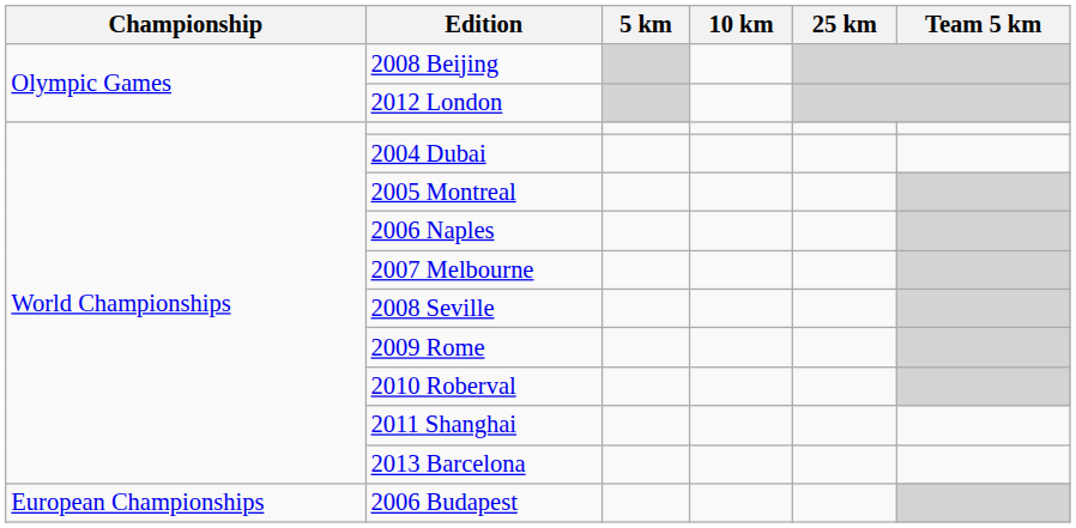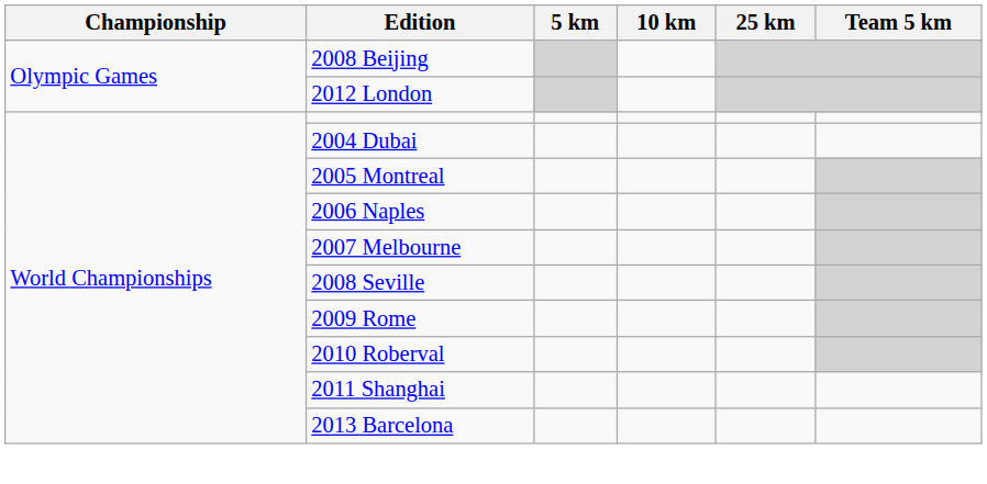 <table class="wikitable" width=55% style="font-size:100%; text-align:center;">
 <tr>
 <th>Championship</th>
 <th>Edition</th>
 <th class="unsortable">5 km</th>
 <th class="unsortable">10 km</th>
 <th class="unsortable">25 km</th>
 <th class="unsortable">Team 5 km</th>
 </tr>
 <tr>
 <td rowspan=2 align=left><a href='#'>Olympic Games</a></td>
 <td align=left> <a href='#'>2008 Beijing</a></td>
 <td bgcolor=lightgrey></td>
 <td></td>
 <td colspan=2 bgcolor=lightgrey></td>
 </tr>
 <tr>
 <td align=left> <a href='#'>2012 London</a></td>
 <td bgcolor=lightgrey></td>
 <td></td>
 <td colspan=2 bgcolor=lightgrey></td>
 </tr>
 <tr>
 <td rowspan=10 align=left><a href='#'>World Championships</a></td>
 <td align=left> </td>
 <td></td>
 <td></td>
 <td></td>
 <td></td>
 </tr>
 <tr>
 <td align=left> <a href='#'>2004 Dubai</a></td>
 <td></td>
 <td></td>
 <td></td>
 <td></td>
 </tr>
 <tr>
 <td align=left> <a href='#'>2005 Montreal</a></td>
 <td></td>
 <td></td>
 <td></td>
 <td bgcolor=lightgrey></td>
 </tr>
 <tr>
 <td align=left> <a href='#'>2006 Naples</a></td>
 <td></td>
 <td></td>
 <td></td>
 <td bgcolor=lightgrey></td>
 </tr>
 <tr>
 <td align=left> <a href='#'>2007 Melbourne</a></td>
 <td></td>
 <td></td>
 <td></td>
 <td bgcolor=lightgrey></td>
 </tr>
 <tr>
 <td align=left> <a href='#'>2008 Seville</a></td>
 <td></td>
 <td></td>
 <td></td>
 <td bgcolor=lightgrey></td>
 </tr>
 <tr>
 <td align=left> <a href='#'>2009 Rome</a></td>
 <td></td>
 <td></td>
 <td></td>
 <td bgcolor=lightgrey></td>
 </tr>
 <tr>
 <td align=left> <a href='#'>2010 Roberval</a></td>
 <td></td>
 <td></td>
 <td></td>
 <td bgcolor=lightgrey></td>
 </tr>
 <tr>
 <td align=left> <a href='#'>2011 Shanghai</a></td>
 <td></td>
 <td></td>
 <td></td>
 <td></td>
 </tr>
 <tr>
 <td align=left> <a href='#'>2013 Barcelona</a></td>
 <td></td>
 <td></td>
 <td></td>
 <td></td>
 </tr>
-<tr>
-<td align=left><a href='#'>European Championships</a></td>
-<td align=left> <a href='#'>2006 Budapest</a></td>
-<td></td>
-<td></td>
-<td></td>
-<td bgcolor=lightgrey></td>
-</tr>
 </table>
